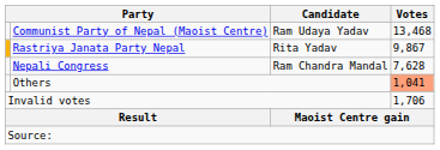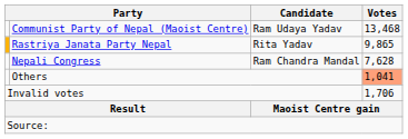 <table class="wikitable">
 <tr>
 <th colspan="2">Party</th>
 <th>Candidate</th>
 <th>Votes</th>
 </tr>
 <tr>
 <td style="background-color:"></td>
 <td><a href='#'>Communist Party of Nepal (Maoist Centre)</a></td>
 <td>Ram Udaya Yadav</td>
 <td>13,468</td>
 </tr>
 <tr>
 <td style="background-color:#ffb300"></td>
 <td><a href='#'>Rastriya Janata Party Nepal</a></td>
 <td>Rita Yadav</td>
-<td>9,867</td>
+<td>9,865</td>
 </tr>
 <tr>
 <td style="background-color:"></td>
 <td><a href='#'>Nepali Congress</a></td>
 <td>Ram Chandra Mandal</td>
 <td>7,628</td>
 </tr>
 <tr>
 <td></td>
 <td colspan="2">Others</td>
 <td style="background: lightsalmon;">1,041</td>
 </tr>
 <tr>
 <td colspan="3">Invalid votes</td>
 <td>1,706</td>
 </tr>
 <tr>
 <th colspan="2">Result</th>
 <th colspan="2">Maoist Centre gain</th>
 </tr>
 <tr>
 <td colspan="4">Source: </td>
 </tr>
 </table>
